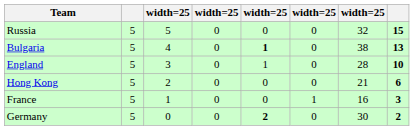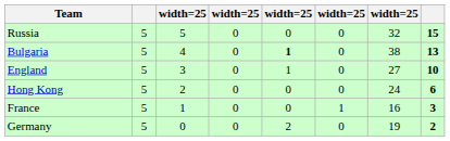 <table class="wikitable sortable" style="text-align: center; ">
 <tr>
 <th width=165>Team</th>
 <th width=25></th>
 <th>width=25</th>
 <th>width=25</th>
 <th>width=25</th>
 <th>width=25</th>
 <th>width=25</th>
 <th width=25></th>
 </tr>
 <tr style="background:#ccffcc;">
 <td style="text-align:left;"> Russia</td>
 <td>5</td>
 <td>5</td>
 <td>0</td>
 <td>0</td>
 <td>0</td>
 <td>32</td>
 <td><strong>15</strong></td>
 </tr>
 <tr style="background:#ccffcc;">
 <td style="text-align:left;"> <a href='#'>Bulgaria</a></td>
 <td>5</td>
 <td>4</td>
 <td>0</td>
 <td><strong>1</strong></td>
 <td>0</td>
 <td>38</td>
 <td><strong>13</strong></td>
 </tr>
 <tr style="background:#ccffcc;">
 <td style="text-align:left;"> <a href='#'>England</a></td>
 <td>5</td>
 <td>3</td>
 <td>0</td>
 <td>1</td>
 <td>0</td>
-<td>28</td>
+<td>27</td>
 <td><strong>10</strong></td>
 </tr>
 <tr style="background:#ccffcc;">
 <td style="text-align:left;"> <a href='#'>Hong Kong</a></td>
 <td>5</td>
 <td>2</td>
 <td>0</td>
 <td>0</td>
 <td>0</td>
-<td>21</td>
+<td>24</td>
 <td><strong>6</strong></td>
 </tr>
 <tr style="background:#ccffcc;">
 <td style="text-align:left;"> France</td>
 <td>5</td>
 <td>1</td>
 <td>0</td>
 <td>0</td>
 <td>1</td>
 <td>16</td>
 <td><strong>3</strong></td>
 </tr>
 <tr style="background:#ccffcc;">
 <td style="text-align:left;"> Germany</td>
 <td>5</td>
 <td>0</td>
 <td>0</td>
-<td><strong>2</strong></td>
+<td>2</td>
 <td>0</td>
-<td>30</td>
+<td>19</td>
 <td><strong>2</strong></td>
 </tr>
 </table>
